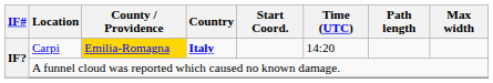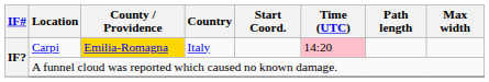 <table class="wikitable sortable" style="width:100%;">
 <tr>
 <th scope="col" width="2%" align="center"><a href='#'>IF#</a></th>
 <th scope="col" align="center" class="unsortable">Location</th>
 <th scope="col" align="center" class="unsortable">County / Providence</th>
 <th scope="col" align="center">Country</th>
 <th scope="col" align="center">Start Coord.</th>
 <th scope="col" align="center">Time (<a href='#'>UTC</a>)</th>
 <th scope="col" align="center">Path length</th>
 <th scope="col" align="center">Max width</th>
 </tr>
 <tr>
 <th scope="row" rowspan="2" style="background-color:#">IF?</th>
 <td><a href='#'>Carpi</a></td>
 <td style="background: gold;"><a href='#'>Emilia-Romagna</a></td>
-<td><strong><a href='#'>Italy</a></strong></td>
+<td><a href='#'>Italy</a></td>
 <td></td>
-<td>14:20</td>
+<td style="background: pink;">14:20</td>
 <td></td>
 <td></td>
 </tr>
 <tr class="expand-child">
 <td colspan="8" style=" border-bottom: 1px solid black;">A funnel cloud was reported which caused no known damage.</td>
 </tr>
 <tr>
 </tr>
 </table>
